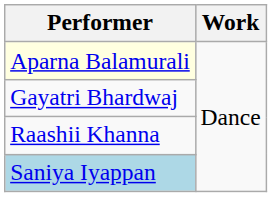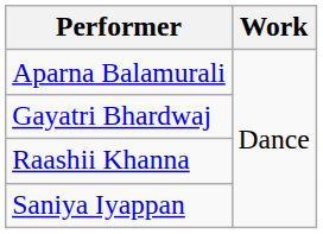 <table class="wikitable">
 <tr>
 <th>Performer</th>
 <th>Work</th>
 </tr>
 <tr>
-<td style="background: lightyellow;"><a href='#'>Aparna Balamurali</a></td>
+<td><a href='#'>Aparna Balamurali</a></td>
 <td rowspan="4">Dance</td>
 </tr>
 <tr>
 <td><a href='#'>Gayatri Bhardwaj</a></td>
 </tr>
 <tr>
 <td><a href='#'>Raashii Khanna</a></td>
 </tr>
 <tr>
-<td style="background: lightblue;"><a href='#'>Saniya Iyappan</a></td>
+<td><a href='#'>Saniya Iyappan</a></td>
 </tr>
 </table>
